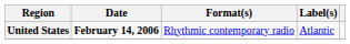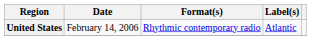 <table class="wikitable plainrowheaders">
 <tr>
 <th scope="col">Region</th>
 <th scope="col">Date</th>
 <th scope="col">Format(s)</th>
 <th scope="col">Label(s)</th>
 <th scope="col"></th>
 </tr>
 <tr>
 <th scope="row">United States</th>
-<td><strong>February 14, 2006</strong></td>
+<td>February 14, 2006</td>
 <td><a href='#'>Rhythmic contemporary radio</a></td>
 <td><a href='#'>Atlantic</a></td>
 <td align="center"></td>
 </tr>
 <tr>
 </tr>
 </table>
